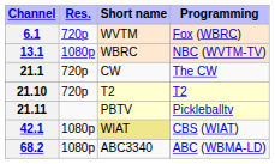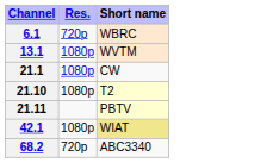 <table class="wikitable">
 <tr>
 <th style="background-color: #bdbdff" scope = "col"><a href='#'>Channel</a></th>
 <th style="background-color: #bdbdff" scope = "col"><a href='#'>Res.</a></th>
 <th style="background-color: #bdbdff" scope = "col">Short name</th>
-<th style="background-color: #bdbdff" scope = "col">Programming</th>
 </tr>
 <tr>
 <th scope = "row"><a href='#'>6.1</a></th>
 <td><a href='#'>720p</a></td>
-<td style="background-color:#ffe8d0">WVTM</td>
-<td style="background-color:#ffe8d0"><a href='#'>Fox</a> (<a href='#'>WBRC</a>) </td>
+<td style="background-color:#ffe8d0">WBRC</td>
 </tr>
 <tr>
 <th scope = "row"><a href='#'>13.1</a></th>
 <td><a href='#'>1080p</a></td>
-<td style="background-color:#ffe8d0">WBRC</td>
-<td style="background-color:#ffe8d0"><a href='#'>NBC</a> (<a href='#'>WVTM-TV</a>) </td>
+<td style="background-color:#ffe8d0">WVTM</td>
 </tr>
 <tr>
 <th scope = "row">21.1</th>
-<td>720p</td>
+<td><a href='#'>1080p</a></td>
 <td>CW</td>
-<td><a href='#'>The CW</a></td>
 </tr>
 <tr>
 <th scope = "row">21.10</th>
-<td>720p</td>
+<td>1080p</td>
 <td style="background-color:#ffffd0">T2</td>
-<td style="background-color:#ffffd0"><a href='#'>T2</a></td>
 </tr>
 <tr>
 <th scope = "row">21.11</th>
 <td></td>
 <td style="background-color:#ffffd0">PBTV</td>
-<td style="background-color:#ffffd0"><a href='#'>Pickleballtv</a></td>
 </tr>
 <tr>
 <th scope = "row"><a href='#'>42.1</a></th>
 <td>1080p</td>
 <td style="background: khaki;">WIAT</td>
-<td><a href='#'>CBS</a> (<a href='#'>WIAT</a>)</td>
 </tr>
 <tr>
 <th scope = "row"><a href='#'>68.2</a></th>
-<td>1080p</td>
+<td>720p</td>
 <td>ABC3340</td>
-<td><a href='#'>ABC</a> (<a href='#'>WBMA-LD</a>)</td>
 </tr>
 </table>
